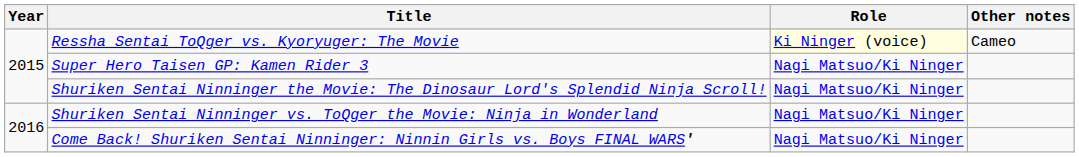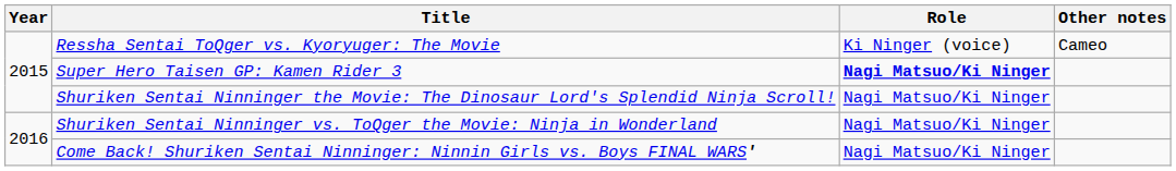 <table class="wikitable">
 <tr>
 <th>Year</th>
 <th>Title</th>
 <th>Role</th>
 <th>Other notes</th>
 </tr>
 <tr>
 <td rowspan="3">2015</td>
 <td><em><a href='#'>Ressha Sentai ToQger vs. Kyoryuger: The Movie</a></em></td>
-<td style="background: lightyellow;"><a href='#'>Ki Ninger</a> (voice)</td>
+<td><a href='#'>Ki Ninger</a> (voice)</td>
 <td>Cameo</td>
 </tr>
 <tr>
 <td><em><a href='#'>Super Hero Taisen GP: Kamen Rider 3</a></em></td>
-<td><a href='#'>Nagi Matsuo/Ki Ninger</a></td>
+<td><strong><a href='#'>Nagi Matsuo/Ki Ninger</a></strong></td>
 <td></td>
 </tr>
 <tr>
 <td><em><a href='#'>Shuriken Sentai Ninninger the Movie: The Dinosaur Lord's Splendid Ninja Scroll!</a></em></td>
 <td><a href='#'>Nagi Matsuo/Ki Ninger</a></td>
 <td></td>
 </tr>
 <tr>
 <td rowspan="2">2016</td>
 <td><em><a href='#'>Shuriken Sentai Ninninger vs. ToQger the Movie: Ninja in Wonderland</a></em></td>
 <td><a href='#'>Nagi Matsuo/Ki Ninger</a></td>
 <td></td>
 </tr>
 <tr>
 <td><em><a href='#'>Come Back! Shuriken Sentai Ninninger: Ninnin Girls vs. Boys FINAL WARS</a><strong>'</td>
 <td><a href='#'>Nagi Matsuo/Ki Ninger</a></td>
 <td></td>
 </tr>
 </table>
